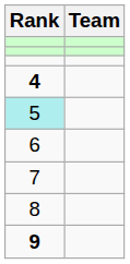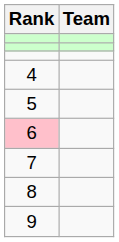 <table class=wikitable style="text-align:center;">
 <tr>
 <th>Rank</th>
 <th>Team</th>
 </tr>
 <tr bgcolor=#ccffcc>
 <td></td>
 <td align=left></td>
 </tr>
 <tr bgcolor=#ccffcc>
 <td></td>
 <td align=left></td>
 </tr>
 <tr>
 <td></td>
 <td align=left></td>
 </tr>
 <tr>
-<td><strong>4</strong></td>
+<td>4</td>
 <td align=left></td>
 </tr>
 <tr>
-<td style="background: paleturquoise;">5</td>
+<td>5</td>
 <td align=left></td>
 </tr>
 <tr>
-<td>6</td>
+<td style="background: pink;">6</td>
 <td align=left></td>
 </tr>
 <tr>
 <td>7</td>
 <td align=left></td>
 </tr>
 <tr>
 <td>8</td>
 <td align=left></td>
 </tr>
 <tr>
-<td><strong>9</strong></td>
+<td>9</td>
 <td align=left></td>
 </tr>
 </table>
